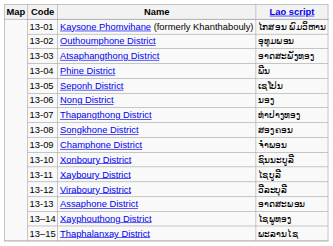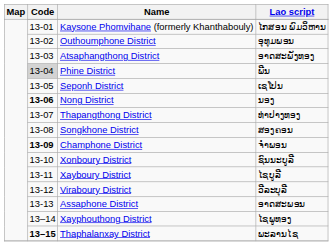 <table class="wikitable"  style="font-size:90%;">
 <tr>
 <th>Map</th>
 <th>Code</th>
 <th>Name</th>
 <th><a href='#'>Lao script</a></th>
 </tr>
 <tr>
 <td rowspan=16></td>
 </tr>
 <tr>
 <td>13-01</td>
 <td><a href='#'>Kaysone Phomvihane</a> (formerly Khanthabouly)</td>
 <td>ໄກສອນ ພົມວິຫານ</td>
 </tr>
 <tr>
 <td>13-02</td>
 <td><a href='#'>Outhoumphone District</a></td>
 <td>ອຸທຸມພອນ</td>
 </tr>
 <tr>
 <td>13-03</td>
 <td><a href='#'>Atsaphangthong District</a></td>
 <td>ອາດສະພັງທອງ</td>
 </tr>
 <tr>
-<td>13-04</td>
+<td style="background: lightgrey;">13-04</td>
 <td><a href='#'>Phine District</a></td>
 <td>ພີນ</td>
 </tr>
 <tr>
 <td>13-05</td>
 <td><a href='#'>Seponh District</a></td>
 <td>ເຊໂປນ</td>
 </tr>
 <tr>
-<td>13-06</td>
+<td><strong>13-06</strong></td>
 <td><a href='#'>Nong District</a></td>
 <td>ນອງ</td>
 </tr>
 <tr>
 <td>13-07</td>
 <td><a href='#'>Thapangthong District</a></td>
 <td>ທ່າປາງທອງ</td>
 </tr>
 <tr>
 <td>13-08</td>
 <td><a href='#'>Songkhone District</a></td>
 <td>ສອງຄອນ</td>
 </tr>
 <tr>
-<td>13-09</td>
+<td><strong>13-09</strong></td>
 <td><a href='#'>Champhone District</a></td>
 <td>ຈຳພອນ</td>
 </tr>
 <tr>
 <td>13-10</td>
 <td><a href='#'>Xonboury District</a></td>
 <td>ຊົນນະບູລີ</td>
 </tr>
 <tr>
 <td>13-11</td>
 <td><a href='#'>Xayboury District</a></td>
 <td>ໄຊບູລີ</td>
 </tr>
 <tr>
 <td>13-12</td>
 <td><a href='#'>Viraboury District</a></td>
 <td>ວີລະບຸລີ</td>
 </tr>
 <tr>
 <td>13-13</td>
 <td><a href='#'>Assaphone District</a></td>
 <td>ອາດສະພອນ</td>
 </tr>
 <tr>
 <td>13–14</td>
 <td><a href='#'>Xayphouthong District</a></td>
 <td>ໄຊພູທອງ</td>
 </tr>
 <tr>
-<td>13–15</td>
+<td><strong>13–15</strong></td>
 <td><a href='#'>Thaphalanxay District</a></td>
 <td>ພະລານໄຊ</td>
 </tr>
 <tr>
 </tr>
 </table>
